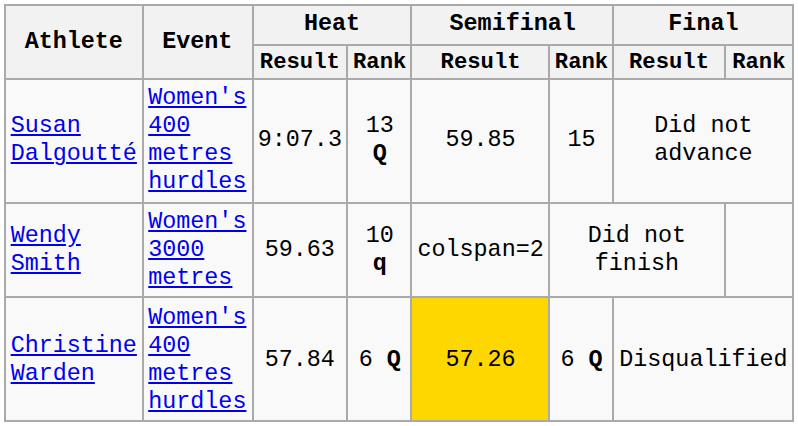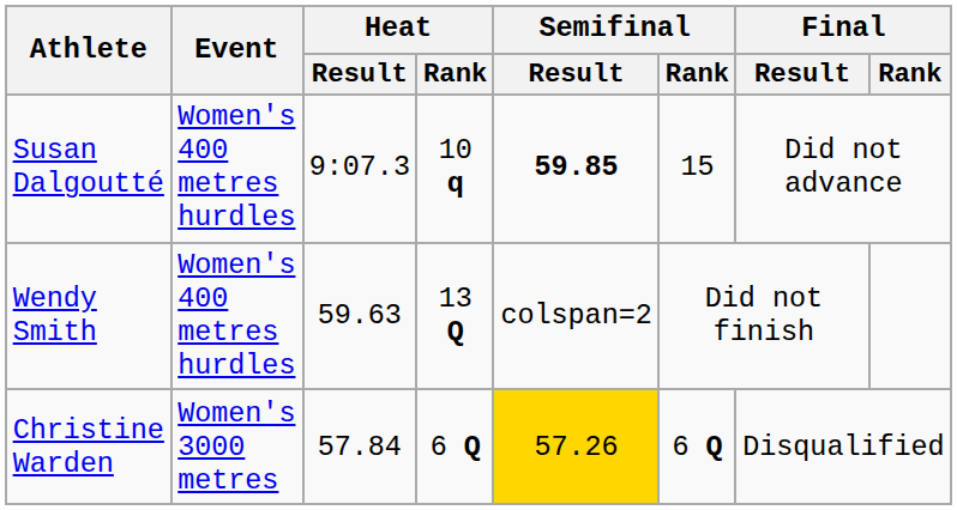 <table class="wikitable" style="font-size:90%; width:40%">
 <tr>
 <th rowspan="2">Athlete</th>
 <th rowspan="2">Event</th>
 <th colspan="2">Heat</th>
 <th colspan="2">Semifinal</th>
 <th colspan="2">Final</th>
 </tr>
 <tr style="font-size:95%">
 <th>Result</th>
 <th>Rank</th>
 <th>Result</th>
 <th>Rank</th>
 <th>Result</th>
 <th>Rank</th>
 </tr>
 <tr align=center>
 <td align=left><a href='#'>Susan Dalgoutté</a></td>
 <td align=left><a href='#'>Women's 400 metres hurdles</a></td>
 <td>9:07.3</td>
-<td>13 <strong>Q</strong></td>
-<td>59.85</td>
+<td>10 <strong>q</strong></td>
+<td><strong>59.85</strong></td>
 <td>15</td>
 <td colspan=2>Did not advance</td>
 </tr>
 <tr align=center>
 <td align=left><a href='#'>Wendy Smith</a></td>
-<td align=left><a href='#'>Women's 3000 metres</a></td>
+<td align=left><a href='#'>Women's 400 metres hurdles</a></td>
 <td>59.63</td>
-<td>10 <strong>q</strong></td>
+<td>13 <strong>Q</strong></td>
 <td>colspan=2 </td>
 <td colspan=2>Did not finish</td>
 </tr>
 <tr align=center>
 <td align=left><a href='#'>Christine Warden</a></td>
-<td align=left><a href='#'>Women's 400 metres hurdles</a></td>
+<td align=left><a href='#'>Women's 3000 metres</a></td>
 <td>57.84</td>
 <td>6 <strong>Q</strong></td>
 <td style="background: gold;">57.26</td>
 <td>6 <strong>Q</strong></td>
 <td colspan=2>Disqualified</td>
 </tr>
 </table>
